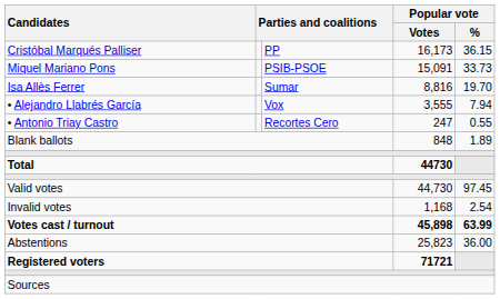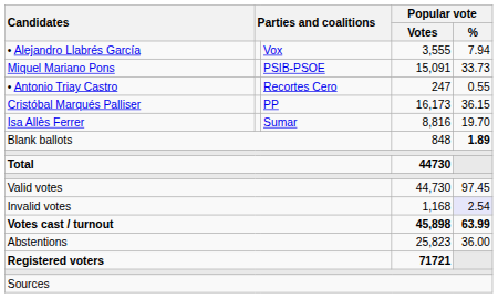 <table class="wikitable" style="text-align:right; font-size:95%;">
 <tr>
 <th style="text-align:left;" rowspan="2" width="325">Candidates</th>
 <th style="text-align:left;" rowspan="2" colspan="2" width="175">Parties and coalitions</th>
 <th colspan="2">Popular vote</th>
 </tr>
 <tr>
 <th width="75">Votes</th>
 <th width="45">%</th>
 </tr>
 <tr>
-<td align="left"> <a href='#'>Cristóbal Marqués Palliser</a></td>
+<td align="left">• <a href='#'>Alejandro Llabrés García</a></td>
 <td width="1" style="color:inherit;background:"></td>
-<td align="left"><a href='#'>PP</a></td>
-<td>16,173</td>
-<td>36.15</td>
+<td align="left"><a href='#'>Vox</a></td>
+<td>3,555</td>
+<td>7.94</td>
 </tr>
 <tr>
 <td align="left"> <a href='#'>Miquel Mariano Pons</a></td>
 <td width="1" style="color:inherit;background:"></td>
 <td align="left"><a href='#'>PSIB-PSOE</a></td>
 <td>15,091</td>
 <td>33.73</td>
 </tr>
 <tr>
+<td align="left">• <a href='#'>Antonio Triay Castro</a></td>
+<td width="1" style="color:inherit;background:"></td>
+<td align="left"><a href='#'>Recortes Cero</a></td>
+<td>247</td>
+<td>0.55</td>
+</tr>
+<tr>
+<td align="left"> <a href='#'>Cristóbal Marqués Palliser</a></td>
+<td width="1" style="color:inherit;background:"></td>
+<td align="left"><a href='#'>PP</a></td>
+<td>16,173</td>
+<td>36.15</td>
+</tr>
+<tr>
 <td align="left"> <a href='#'>Isa Allès Ferrer</a></td>
 <td width="1" style="color:inherit;background:"></td>
 <td align="left"><a href='#'>Sumar</a></td>
 <td>8,816</td>
 <td>19.70</td>
 </tr>
 <tr>
-<td align="left">• <a href='#'>Alejandro Llabrés García</a></td>
-<td width="1" style="color:inherit;background:"></td>
-<td align="left"><a href='#'>Vox</a></td>
-<td>3,555</td>
-<td>7.94</td>
-</tr>
-<tr>
-<td align="left">• <a href='#'>Antonio Triay Castro</a></td>
-<td width="1" style="color:inherit;background:"></td>
-<td align="left"><a href='#'>Recortes Cero</a></td>
-<td>247</td>
-<td>0.55</td>
-</tr>
-<tr>
 <td align="left" colspan="3">Blank ballots</td>
 <td>848</td>
-<td>1.89</td>
+<td><strong>1.89</strong></td>
 </tr>
 <tr>
 <td colspan="5" bgcolor="#E9E9E9"></td>
 </tr>
 <tr style="font-weight:bold;">
 <td align="left" colspan="3">Total</td>
 <td>44730</td>
 <td bgcolor="#E9E9E9"></td>
 </tr>
 <tr>
 <td colspan="5" bgcolor="#E9E9E9"></td>
 </tr>
 <tr>
 <td align="left" colspan="3">Valid votes</td>
 <td>44,730</td>
 <td>97.45</td>
 </tr>
 <tr>
 <td align="left" colspan="3">Invalid votes</td>
 <td>1,168</td>
-<td>2.54</td>
+<td style="background: lavender;">2.54</td>
 </tr>
 <tr style="font-weight:bold;">
 <td align="left" colspan="3">Votes cast / turnout</td>
 <td>45,898</td>
 <td>63.99</td>
 </tr>
 <tr>
 <td align="left" colspan="3">Abstentions</td>
 <td>25,823</td>
 <td>36.00</td>
 </tr>
 <tr style="font-weight:bold;">
 <td align="left" colspan="3">Registered voters</td>
 <td>71721</td>
 <td bgcolor="#E9E9E9"></td>
 </tr>
 <tr>
 <td colspan="5" bgcolor="#E9E9E9"></td>
 </tr>
 <tr>
 <td align="left" colspan="5">Sources</td>
 </tr>
 </table>
